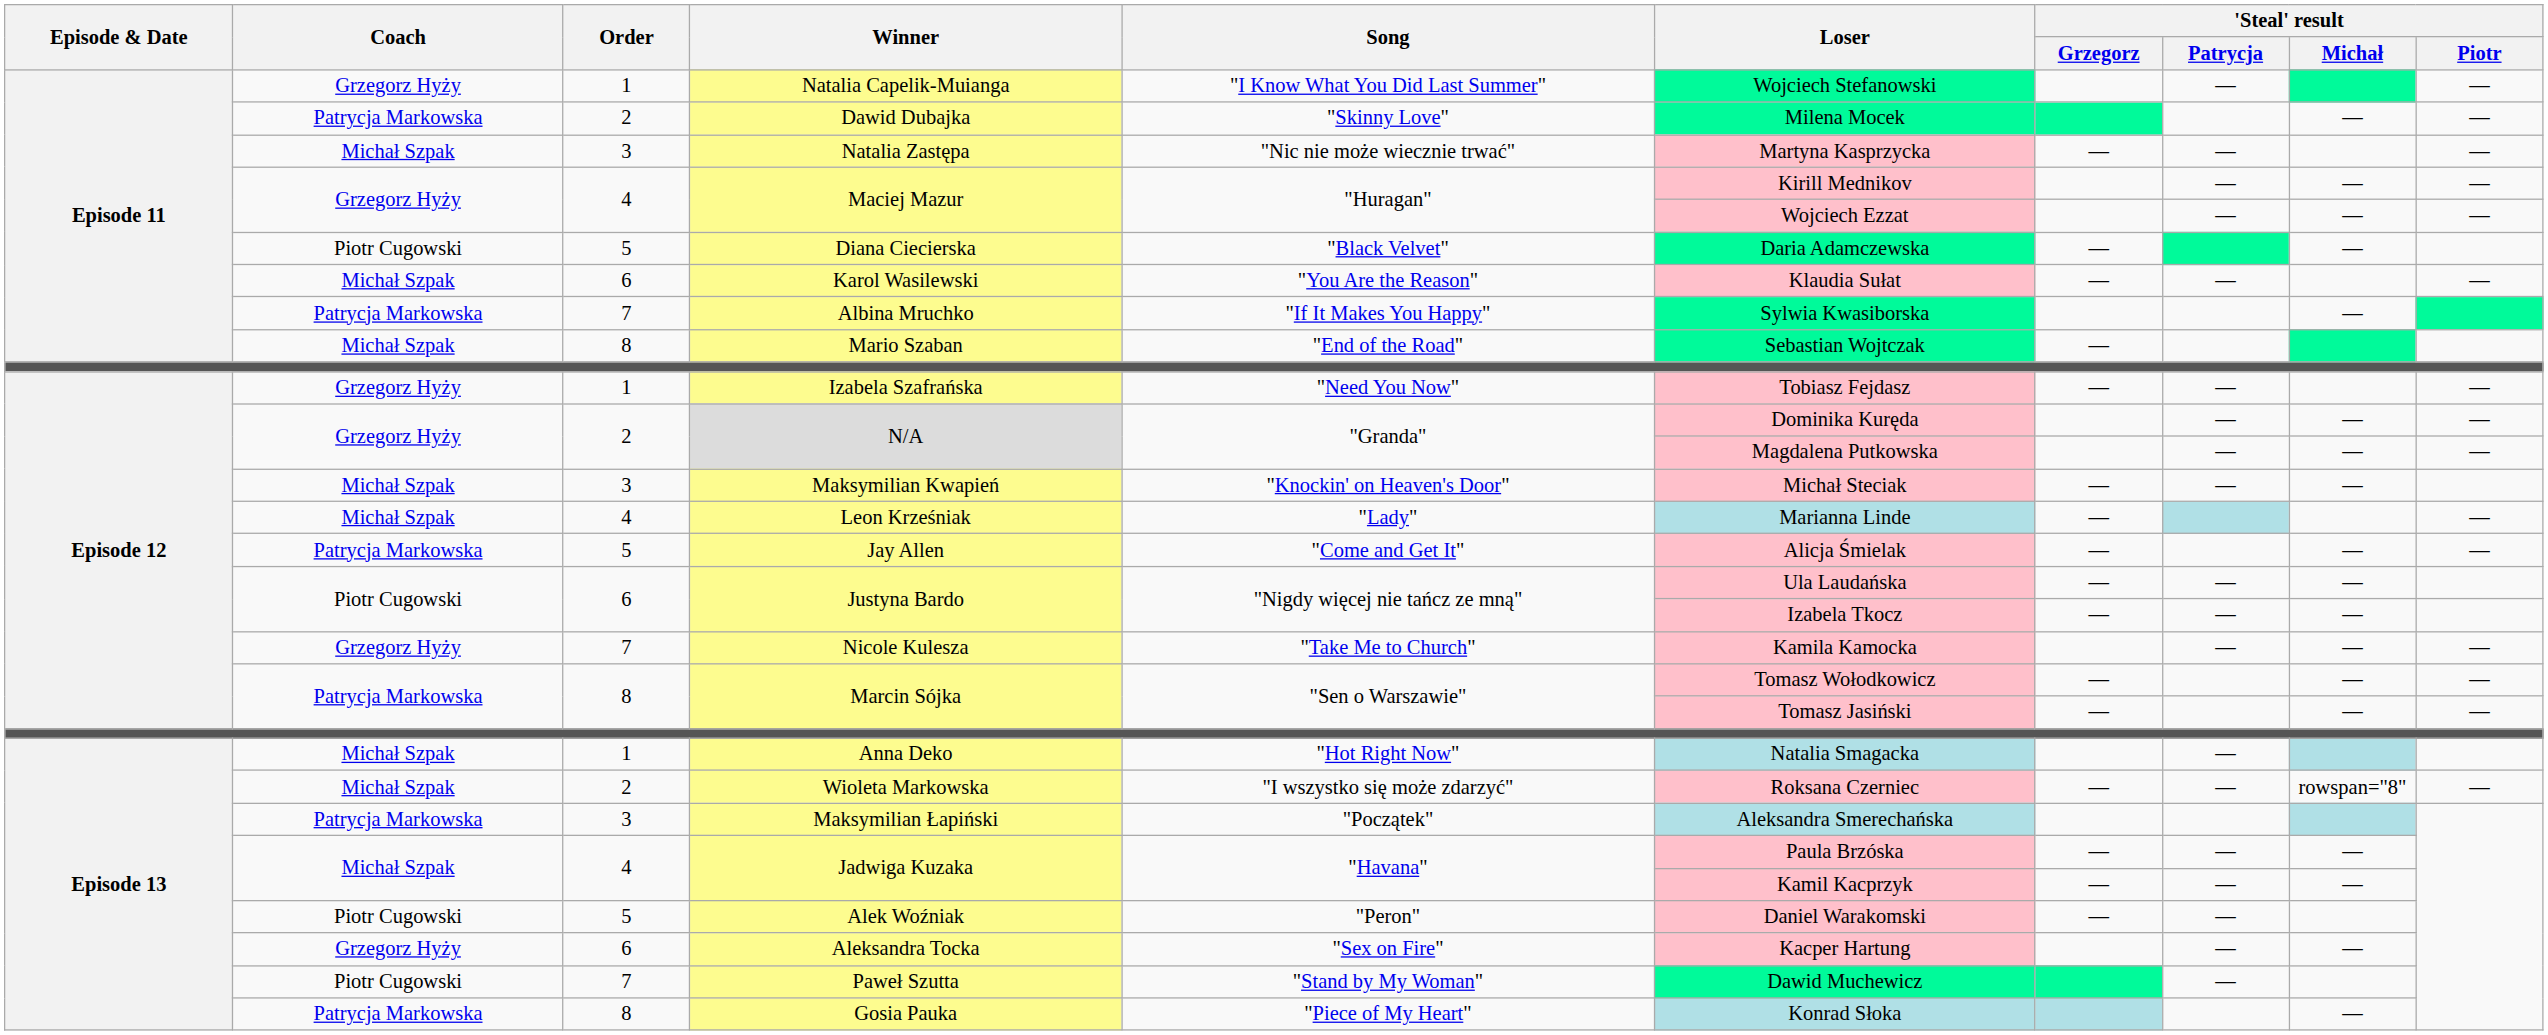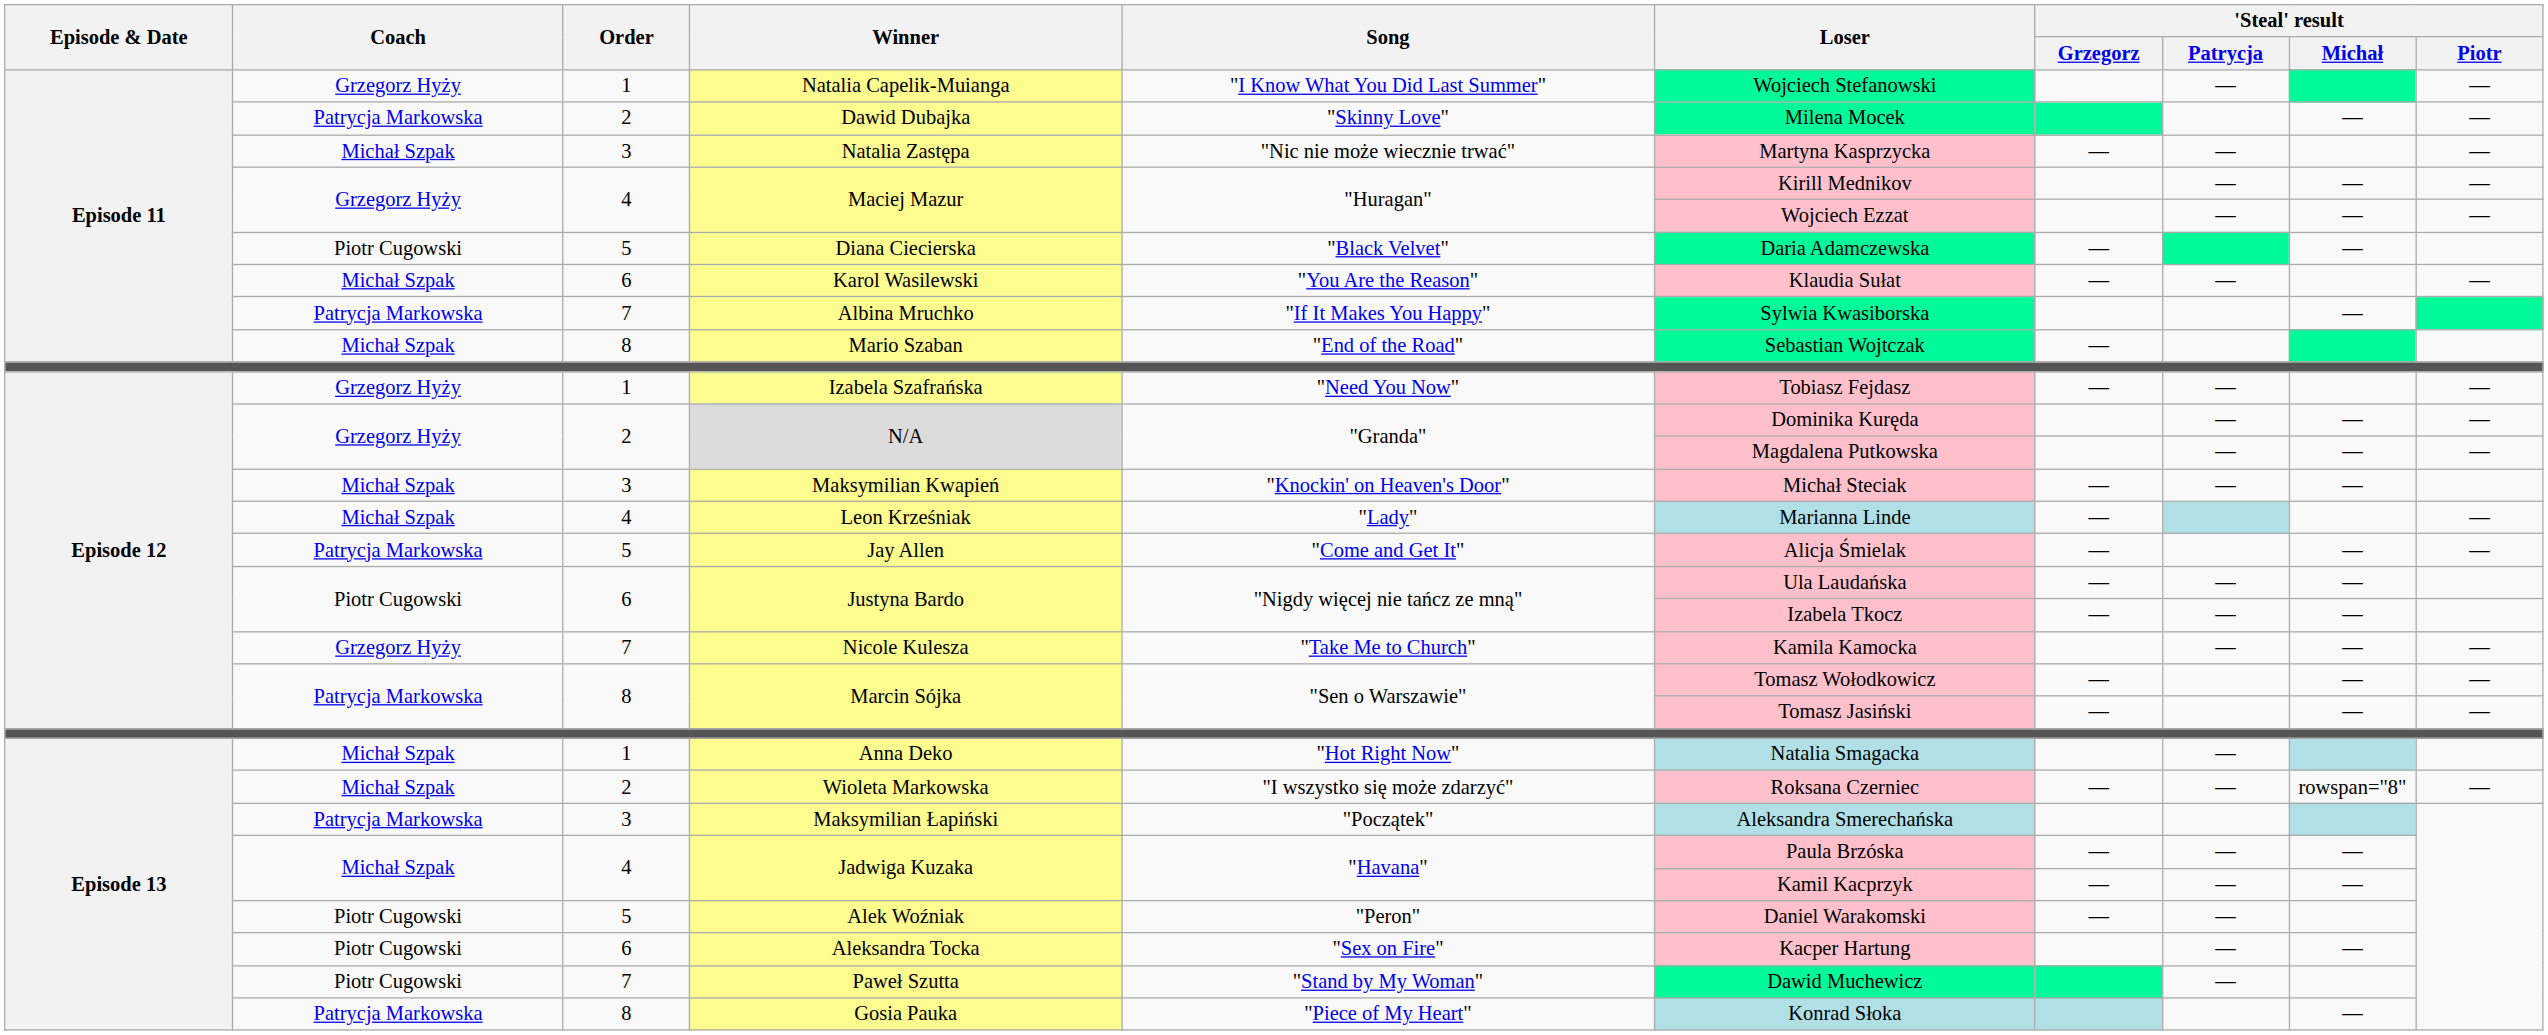 <table class="wikitable" style="text-align: center; width:100%;">
 <tr>
 <th rowspan="2" style="width:9%;">Episode & Date</th>
 <th rowspan="2" style="width:13%;">Coach</th>
 <th rowspan="2" style="width:05%;">Order</th>
 <th rowspan="2" style="width:17%;">Winner</th>
 <th rowspan="2" style="width:21%;">Song</th>
 <th rowspan="2" style="width:15%;">Loser</th>
 <th colspan="4" style="width:20%;">'Steal' result</th>
 </tr>
 <tr>
 <th style="width:05%;"><a href='#'>Grzegorz</a></th>
 <th style="width:05%;"><a href='#'>Patrycja</a></th>
 <th style="width:05%;"><a href='#'>Michał</a></th>
 <th style="width:05%;"><a href='#'>Piotr</a></th>
 </tr>
 <tr>
 <th rowspan="9">Episode 11<br><small></small></th>
 <td><a href='#'>Grzegorz Hyży</a></td>
 <td>1</td>
 <td style="background:#fdfc8f;">Natalia Capelik-Muianga</td>
 <td>"<a href='#'>I Know What You Did Last Summer</a>"</td>
 <td style="background:#00fa9a;">Wojciech Stefanowski</td>
 <td></td>
 <td>—</td>
 <td style="background:#00fa9a;"><strong></strong></td>
 <td>—</td>
 </tr>
 <tr>
 <td><a href='#'>Patrycja Markowska</a></td>
 <td>2</td>
 <td style="background:#fdfc8f;">Dawid Dubajka</td>
 <td>"<a href='#'>Skinny Love</a>"</td>
 <td style="background:#00fa9a;">Milena Mocek</td>
 <td style="background:#00fa9a;"><strong></strong></td>
 <td></td>
 <td>—</td>
 <td>—</td>
 </tr>
 <tr>
 <td><a href='#'>Michał Szpak</a></td>
 <td>3</td>
 <td style="background:#fdfc8f;">Natalia Zastępa</td>
 <td>"Nic nie może wiecznie trwać"</td>
 <td style="background:pink;">Martyna Kasprzycka</td>
 <td>—</td>
 <td>—</td>
 <td></td>
 <td>—</td>
 </tr>
 <tr>
 <td rowspan="2"><a href='#'>Grzegorz Hyży</a></td>
 <td rowspan="2">4</td>
 <td rowspan="2" style="background:#fdfc8f;">Maciej Mazur</td>
 <td rowspan="2">"Huragan"</td>
 <td style="background:pink;">Kirill Mednikov</td>
 <td></td>
 <td>—</td>
 <td>—</td>
 <td>—</td>
 </tr>
 <tr>
 <td style="background:pink;">Wojciech Ezzat</td>
 <td></td>
 <td>—</td>
 <td>—</td>
 <td>—</td>
 </tr>
 <tr>
 <td>Piotr Cugowski</td>
 <td>5</td>
 <td style="background:#fdfc8f;">Diana Ciecierska</td>
 <td>"<a href='#'>Black Velvet</a>"</td>
 <td style="background:#00fa9a;">Daria Adamczewska</td>
 <td>—</td>
 <td style="background:#00fa9a;"><strong></strong></td>
 <td>—</td>
 <td></td>
 </tr>
 <tr>
 <td><a href='#'>Michał Szpak</a></td>
 <td>6</td>
 <td style="background:#fdfc8f">Karol Wasilewski</td>
 <td>"<a href='#'>You Are the Reason</a>"</td>
 <td style="background:pink">Klaudia Sułat</td>
 <td>—</td>
 <td>—</td>
 <td></td>
 <td>—</td>
 </tr>
 <tr>
 <td><a href='#'>Patrycja Markowska</a></td>
 <td>7</td>
 <td style="background:#fdfc8f;">Albina Mruchko</td>
 <td>"<a href='#'>If It Makes You Happy</a>"</td>
 <td style="background:#00fa9a;">Sylwia Kwasiborska</td>
 <td><strong></strong></td>
 <td></td>
 <td>—</td>
 <td style="background:#00fa9a;"><strong></strong></td>
 </tr>
 <tr>
 <td><a href='#'>Michał Szpak</a></td>
 <td>8</td>
 <td style="background:#fdfc8f;">Mario Szaban</td>
 <td>"<a href='#'>End of the Road</a>"</td>
 <td style="background:#00fa9a;">Sebastian Wojtczak</td>
 <td>—</td>
 <td><strong></strong></td>
 <td style="background:#00fa9a;"><strong></strong></td>
 <td></td>
 </tr>
 <tr>
 <td colspan="10" style="background:#555;"></td>
 </tr>
 <tr>
 <th rowspan="11">Episode 12<br><small></small></th>
 <td><a href='#'>Grzegorz Hyży</a></td>
 <td>1</td>
 <td style="background:#fdfc8f;">Izabela Szafrańska</td>
 <td>"<a href='#'>Need You Now</a>"</td>
 <td style="background:pink;">Tobiasz Fejdasz</td>
 <td>—</td>
 <td>—</td>
 <td></td>
 <td>—</td>
 </tr>
 <tr>
 <td rowspan="2"><a href='#'>Grzegorz Hyży</a></td>
 <td rowspan="2">2</td>
 <td rowspan="2" style="background:#DCDCDC;">N/A</td>
 <td rowspan="2">"Granda"</td>
 <td style="background:pink;">Dominika Kuręda</td>
 <td></td>
 <td>—</td>
 <td>—</td>
 <td>—</td>
 </tr>
 <tr>
 <td style="background:pink;">Magdalena Putkowska</td>
 <td></td>
 <td>—</td>
 <td>—</td>
 <td>—</td>
 </tr>
 <tr>
 <td><a href='#'>Michał Szpak</a></td>
 <td>3</td>
 <td style="background:#fdfc8f;">Maksymilian Kwapień</td>
 <td>"<a href='#'>Knockin' on Heaven's Door</a>"</td>
 <td style="background:pink;">Michał Steciak</td>
 <td>—</td>
 <td>—</td>
 <td>—</td>
 <td></td>
 </tr>
 <tr>
 <td><a href='#'>Michał Szpak</a></td>
 <td>4</td>
 <td style="background:#fdfc8f;">Leon Krześniak</td>
 <td>"<a href='#'>Lady</a>"</td>
 <td style="background:#b0e0e6;">Marianna Linde</td>
 <td>—</td>
 <td style="background:#b0e0e6;"><strong></strong></td>
 <td></td>
 <td>—</td>
 </tr>
 <tr>
 <td><a href='#'>Patrycja Markowska</a></td>
 <td>5</td>
 <td style="background:#fdfc8f;">Jay Allen</td>
 <td>"<a href='#'>Come and Get It</a>"</td>
 <td style="background:pink;">Alicja Śmielak</td>
 <td>—</td>
 <td></td>
 <td>—</td>
 <td>—</td>
 </tr>
 <tr>
 <td rowspan="2">Piotr Cugowski</td>
 <td rowspan="2">6</td>
 <td rowspan="2" style="background:#fdfc8f;">Justyna Bardo</td>
 <td rowspan="2">"Nigdy więcej nie tańcz ze mną"</td>
 <td style="background:pink;">Ula Laudańska</td>
 <td>—</td>
 <td>—</td>
 <td>—</td>
 <td></td>
 </tr>
 <tr>
 <td style="background:pink;">Izabela Tkocz</td>
 <td>—</td>
 <td>—</td>
 <td>—</td>
 <td></td>
 </tr>
 <tr>
 <td><a href='#'>Grzegorz Hyży</a></td>
 <td>7</td>
 <td style="background:#fdfc8f;">Nicole Kulesza</td>
 <td>"<a href='#'>Take Me to Church</a>"</td>
 <td style="background:pink;">Kamila Kamocka</td>
 <td></td>
 <td>—</td>
 <td>—</td>
 <td>—</td>
 </tr>
 <tr>
 <td rowspan="2"><a href='#'>Patrycja Markowska</a></td>
 <td rowspan="2">8</td>
 <td rowspan="2" style="background:#fdfc8f;">Marcin Sójka</td>
 <td rowspan="2">"Sen o Warszawie"</td>
 <td style="background:pink;">Tomasz Wołodkowicz</td>
 <td>—</td>
 <td></td>
 <td>—</td>
 <td>—</td>
 </tr>
 <tr>
 <td style="background:pink;">Tomasz Jasiński</td>
 <td>—</td>
 <td></td>
 <td>—</td>
 <td>—</td>
 </tr>
 <tr>
 <td colspan="10" style="background:#555;"></td>
 </tr>
 <tr>
 <th rowspan="9">Episode 13<br><small></small></th>
 <td><a href='#'>Michał Szpak</a></td>
 <td>1</td>
 <td style="background:#fdfc8f;">Anna Deko</td>
 <td>"<a href='#'>Hot Right Now</a>"</td>
 <td style="background:#b0e0e6;">Natalia Smagacka</td>
 <td></td>
 <td>—</td>
 <td style="background:#b0e0e6;"><strong></strong></td>
 <td><strong></strong></td>
 </tr>
 <tr>
 <td><a href='#'>Michał Szpak</a></td>
 <td>2</td>
 <td style="background:#fdfc8f;">Wioleta Markowska</td>
 <td>"I wszystko się może zdarzyć"</td>
 <td style="background:pink;">Roksana Czerniec</td>
 <td>—</td>
 <td>—</td>
 <td>rowspan="8" </td>
 <td>—</td>
 </tr>
 <tr>
 <td><a href='#'>Patrycja Markowska</a></td>
 <td>3</td>
 <td style="background:#fdfc8f;">Maksymilian Łapiński</td>
 <td>"Początek"</td>
 <td style="background:#b0e0e6;">Aleksandra Smerechańska</td>
 <td><strong></strong></td>
 <td></td>
 <td style="background:#b0e0e6;"><strong></strong></td>
 </tr>
 <tr>
 <td rowspan="2"><a href='#'>Michał Szpak</a></td>
 <td rowspan="2">4</td>
 <td rowspan="2" style="background:#fdfc8f;">Jadwiga Kuzaka</td>
 <td rowspan="2">"<a href='#'>Havana</a>"</td>
 <td style="background:pink;">Paula Brzóska</td>
 <td>—</td>
 <td>—</td>
 <td>—</td>
 </tr>
 <tr>
 <td style="background:pink;">Kamil Kacprzyk</td>
 <td>—</td>
 <td>—</td>
 <td>—</td>
 </tr>
 <tr>
 <td>Piotr Cugowski</td>
 <td>5</td>
 <td style="background:#fdfc8f;">Alek Woźniak</td>
 <td>"Peron"</td>
 <td style="background:pink;">Daniel Warakomski</td>
 <td>—</td>
 <td>—</td>
 <td></td>
 </tr>
 <tr>
-<td><a href='#'>Grzegorz Hyży</a></td>
+<td>Piotr Cugowski</td>
 <td>6</td>
 <td style="background:#fdfc8f;">Aleksandra Tocka</td>
 <td>"<a href='#'>Sex on Fire</a>"</td>
 <td style="background:pink;">Kacper Hartung</td>
 <td></td>
 <td>—</td>
 <td>—</td>
 </tr>
 <tr>
 <td>Piotr Cugowski</td>
 <td>7</td>
 <td style="background:#fdfc8f;">Paweł Szutta</td>
 <td>"<a href='#'>Stand by My Woman</a>"</td>
 <td style="background:#00fa9a;">Dawid Muchewicz</td>
 <td style="background:#00fa9a;"><strong></strong></td>
 <td>—</td>
 <td></td>
 </tr>
 <tr>
 <td><a href='#'>Patrycja Markowska</a></td>
 <td>8</td>
 <td style="background:#fdfc8f;">Gosia Pauka</td>
 <td>"<a href='#'>Piece of My Heart</a>"</td>
 <td style="background:#b0e0e6;">Konrad Słoka</td>
 <td style="background:#b0e0e6;"><strong></strong></td>
 <td></td>
 <td>—</td>
 </tr>
 </table>
